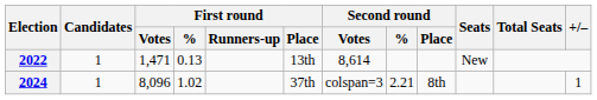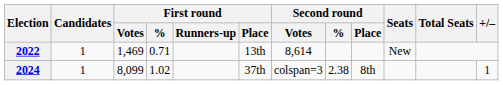 <table class="wikitable" style="text-align: center;">
 <tr>
 <th rowspan=2>Election</th>
 <th rowspan=2>Candidates</th>
 <th colspan=4>First round</th>
 <th colspan=3>Second round</th>
 <th rowspan=2>Seats</th>
 <th rowspan=2>Total Seats</th>
 <th rowspan=2>+/–</th>
 </tr>
 <tr>
 <th>Votes</th>
 <th>%</th>
 <th>Runners-up</th>
 <th>Place</th>
 <th>Votes</th>
 <th>%</th>
 <th>Place</th>
 </tr>
 <tr>
 <th><a href='#'>2022</a></th>
 <td>1</td>
-<td>1,471</td>
-<td>0.13</td>
+<td>1,469</td>
+<td>0.71</td>
 <td></td>
 <td>13th</td>
 <td>8,614</td>
 <td></td>
 <td></td>
 <td>New</td>
 </tr>
 <tr>
 <th><a href='#'>2024</a></th>
 <td>1</td>
-<td>8,096</td>
+<td>8,099</td>
 <td>1.02</td>
 <td></td>
 <td>37th</td>
 <td>colspan=3 </td>
-<td>2.21</td>
+<td>2.38</td>
 <td>8th</td>
 <td></td>
 <td></td>
 <td> 1</td>
 </tr>
 </table>
